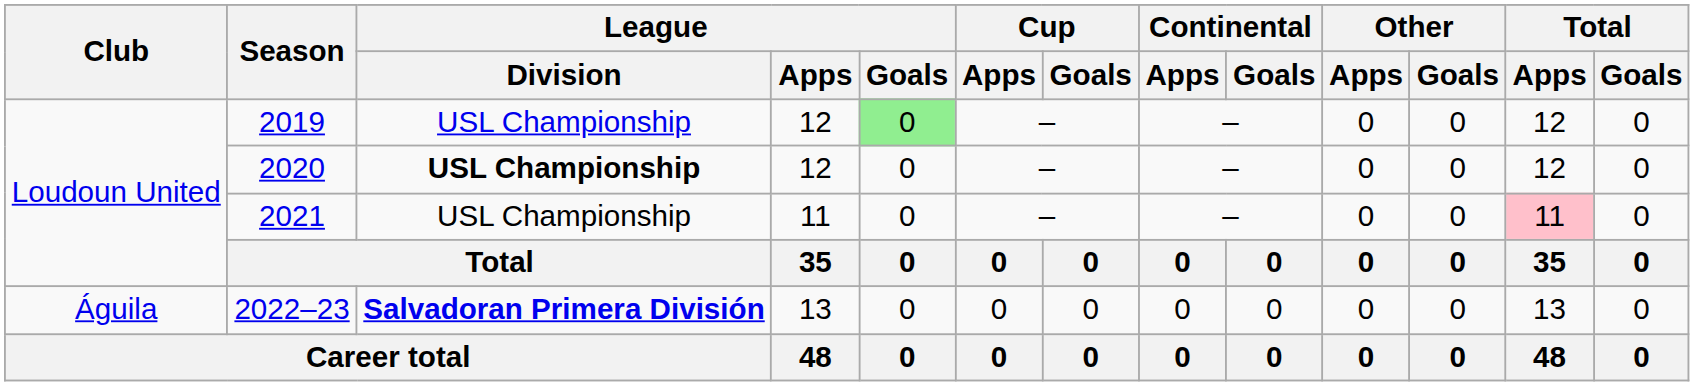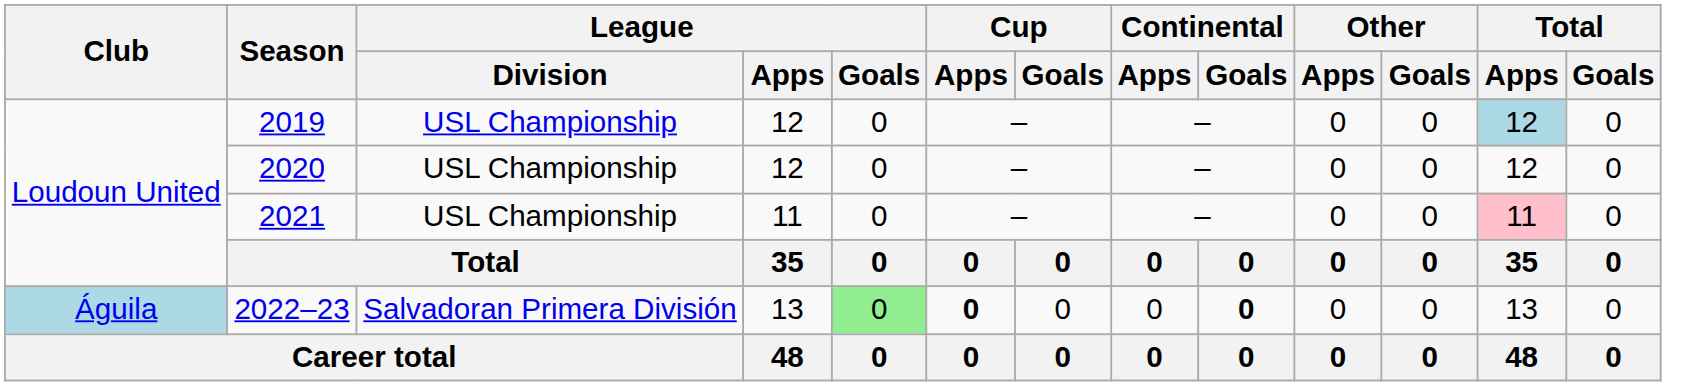 <table class="wikitable" style="text-align: center">
 <tr>
 <th rowspan="2">Club</th>
 <th rowspan="2">Season</th>
 <th colspan="3">League</th>
 <th colspan="2">Cup</th>
 <th colspan="2">Continental</th>
 <th colspan="2">Other</th>
 <th colspan="2">Total</th>
 </tr>
 <tr>
 <th>Division</th>
 <th>Apps</th>
 <th>Goals</th>
 <th>Apps</th>
 <th>Goals</th>
 <th>Apps</th>
 <th>Goals</th>
 <th>Apps</th>
 <th>Goals</th>
 <th>Apps</th>
 <th>Goals</th>
 </tr>
 <tr>
 <td rowspan="4"><a href='#'>Loudoun United</a></td>
 <td><a href='#'>2019</a></td>
 <td><a href='#'>USL Championship</a></td>
 <td>12</td>
-<td style="background: lightgreen;">0</td>
+<td>0</td>
 <td colspan="2">–</td>
 <td colspan="2">–</td>
 <td>0</td>
 <td>0</td>
-<td>12</td>
+<td style="background: lightblue;">12</td>
 <td>0</td>
 </tr>
 <tr>
 <td><a href='#'>2020</a></td>
-<td><strong>USL Championship</strong></td>
+<td>USL Championship</td>
 <td>12</td>
 <td>0</td>
 <td colspan="2">–</td>
 <td colspan="2">–</td>
 <td>0</td>
 <td>0</td>
 <td>12</td>
 <td>0</td>
 </tr>
 <tr>
 <td><a href='#'>2021</a></td>
 <td>USL Championship</td>
 <td>11</td>
 <td>0</td>
 <td colspan="2">–</td>
 <td colspan="2">–</td>
 <td>0</td>
 <td>0</td>
 <td style="background: pink;">11</td>
 <td>0</td>
 </tr>
 <tr>
 <th colspan="2">Total</th>
 <th>35</th>
 <th>0</th>
 <th>0</th>
 <th>0</th>
 <th>0</th>
 <th>0</th>
 <th>0</th>
 <th>0</th>
 <th>35</th>
 <th>0</th>
 </tr>
 <tr>
-<td><a href='#'>Águila</a></td>
+<td style="background: lightblue;"><a href='#'>Águila</a></td>
 <td><a href='#'>2022–23</a></td>
-<td><strong><a href='#'>Salvadoran Primera División</a></strong></td>
+<td><a href='#'>Salvadoran Primera División</a></td>
 <td>13</td>
+<td style="background: lightgreen;">0</td>
+<td><strong>0</strong></td>
 <td>0</td>
 <td>0</td>
-<td>0</td>
-<td>0</td>
-<td>0</td>
+<td><strong>0</strong></td>
 <td>0</td>
 <td>0</td>
 <td>13</td>
 <td>0</td>
 </tr>
 <tr>
 <th colspan="3"><strong>Career total</strong></th>
 <th>48</th>
 <th>0</th>
 <th>0</th>
 <th>0</th>
 <th>0</th>
 <th>0</th>
 <th>0</th>
 <th>0</th>
 <th>48</th>
 <th>0</th>
 </tr>
 </table>
